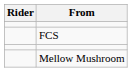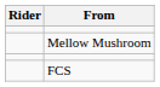 <table class="wikitable sortable">
 <tr>
 <th>Rider</th>
 <th>From</th>
 </tr>
 <tr>
 <td></td>
 <td></td>
 </tr>
 <tr>
 <td></td>
-<td>FCS</td>
+<td>Mellow Mushroom</td>
 </tr>
 <tr>
 <td></td>
 <td></td>
 </tr>
 <tr>
 <td></td>
-<td>Mellow Mushroom</td>
+<td>FCS</td>
 </tr>
 </table>
